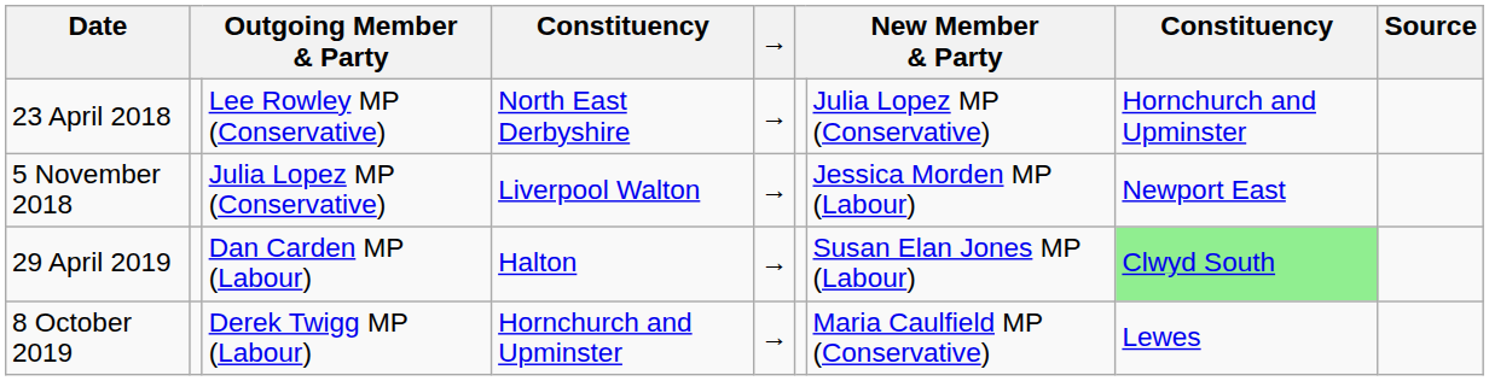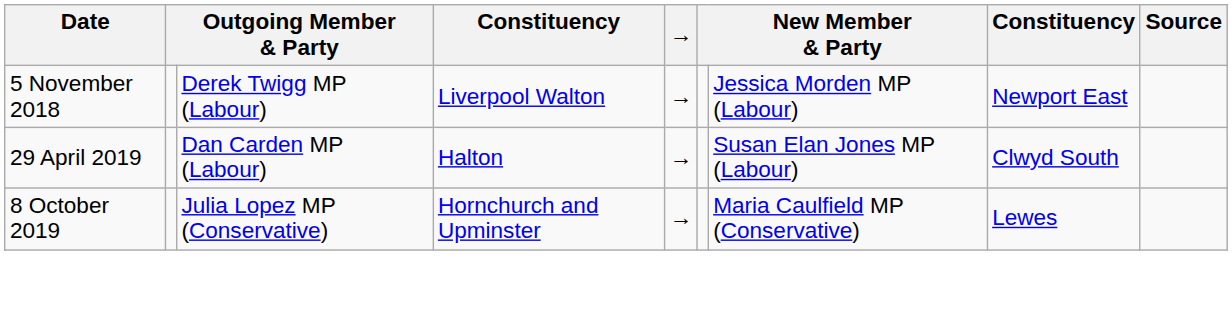 <table class="wikitable">
 <tr>
 <th valign="top">Date</th>
 <th colspan="2" valign="top">Outgoing Member<br>& Party</th>
 <th valign="top">Constituency</th>
 <th>→</th>
 <th colspan="2" valign="top">New Member<br>& Party</th>
 <th valign="top">Constituency</th>
 <th valign="top">Source</th>
 </tr>
 <tr>
-<td>23 April 2018</td>
-<td style="color:inherit;background:"></td>
-<td><a href='#'>Lee Rowley</a> MP (<a href='#'>Conservative</a>)</td>
-<td><a href='#'>North East Derbyshire</a></td>
-<td>→</td>
-<td style="color:inherit;background:"></td>
-<td><a href='#'>Julia Lopez</a> MP (<a href='#'>Conservative</a>)</td>
-<td><a href='#'>Hornchurch and Upminster</a></td>
-<td></td>
-</tr>
-<tr>
 <td>5 November 2018</td>
 <td style="color:inherit;background:"></td>
-<td><a href='#'>Julia Lopez</a> MP (<a href='#'>Conservative</a>)</td>
+<td><a href='#'>Derek Twigg</a> MP (<a href='#'>Labour</a>)</td>
 <td><a href='#'>Liverpool Walton</a></td>
 <td>→</td>
 <td style="color:inherit;background:"></td>
 <td><a href='#'>Jessica Morden</a> MP (<a href='#'>Labour</a>)</td>
 <td><a href='#'>Newport East</a></td>
 <td></td>
 </tr>
 <tr>
 <td>29 April 2019</td>
 <td style="color:inherit;background:"></td>
 <td><a href='#'>Dan Carden</a> MP (<a href='#'>Labour</a>)</td>
 <td><a href='#'>Halton</a></td>
 <td>→</td>
 <td style="color:inherit;background:"></td>
 <td><a href='#'>Susan Elan Jones</a> MP (<a href='#'>Labour</a>)</td>
-<td style="background: lightgreen;"><a href='#'>Clwyd South</a></td>
+<td><a href='#'>Clwyd South</a></td>
 <td></td>
 </tr>
 <tr>
 <td>8 October 2019</td>
 <td style="color:inherit;background:"></td>
-<td><a href='#'>Derek Twigg</a> MP (<a href='#'>Labour</a>)</td>
+<td><a href='#'>Julia Lopez</a> MP (<a href='#'>Conservative</a>)</td>
 <td><a href='#'>Hornchurch and Upminster</a></td>
 <td>→</td>
 <td style="color:inherit;background:"></td>
 <td><a href='#'>Maria Caulfield</a> MP (<a href='#'>Conservative</a>)</td>
 <td><a href='#'>Lewes</a></td>
 <td></td>
 </tr>
 </table>
